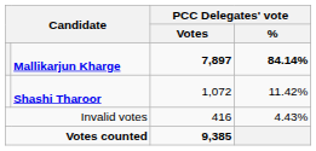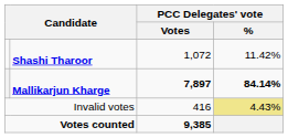 <table class="wikitable" style="font-size:95%; text-align:right"            |>
 <tr>
 <th colspan="2" rowspan=2>Candidate</th>
 <th colspan="2">PCC Delegates' vote</th>
 </tr>
 <tr>
 <th style="width: 100px">Votes</th>
 <th style="width: 90px">%</th>
 </tr>
 <tr>
+<td style="background-color: "></td>
+<td style="width: 170px; text-align:left"> <br> <strong><a href='#'>Shashi Tharoor</a></strong></td>
+<td>1,072</td>
+<td>11.42%</td>
+</tr>
+<tr>
 <th style="background-color: "></th>
 <td style="width: 170px; text-align:left"> <br> <strong><a href='#'>Mallikarjun Kharge</a></strong></td>
 <td><strong>7,897</strong></td>
 <td><strong>84.14%</strong></td>
 </tr>
 <tr>
-<td style="background-color: "></td>
-<td style="width: 170px; text-align:left"> <br> <strong><a href='#'>Shashi Tharoor</a></strong></td>
-<td>1,072</td>
-<td>11.42%</td>
-</tr>
-<tr>
 <td colspan=2>Invalid votes</td>
 <td>416</td>
-<td>4.43%</td>
+<td style="background: khaki;">4.43%</td>
 </tr>
 <tr>
 <td colspan=2><strong>Votes counted</strong></td>
 <td><strong>9,385</strong></td>
 <th></th>
 </tr>
 </table>
